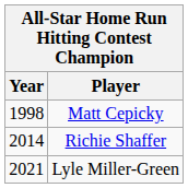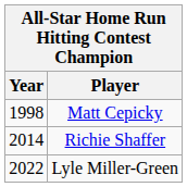 <table class="wikitable" style="display: inline-table; margin-right: 20px; text-align:center">
 <tr>
 <th scope="col" colspan="2" style="width: 145px;">All-Star Home Run Hitting Contest Champion</th>
 </tr>
 <tr>
 <th scope="col">Year</th>
 <th scope="col">Player</th>
 </tr>
 <tr>
 <td>1998</td>
 <td><a href='#'>Matt Cepicky</a></td>
 </tr>
 <tr>
 <td>2014</td>
 <td><a href='#'>Richie Shaffer</a></td>
 </tr>
 <tr>
-<td>2021</td>
+<td>2022</td>
 <td>Lyle Miller-Green</td>
 </tr>
 <tr>
 </tr>
 </table>
